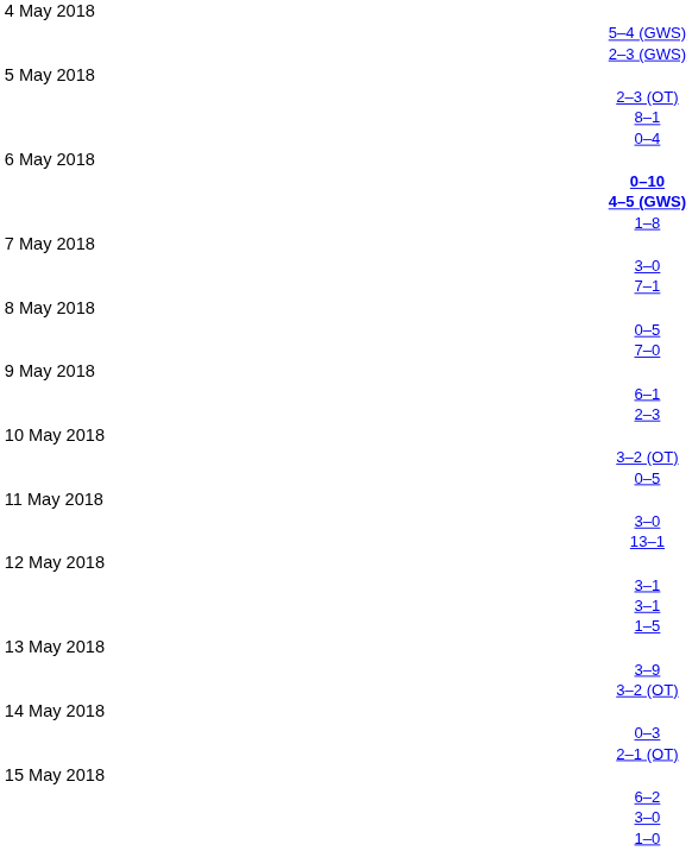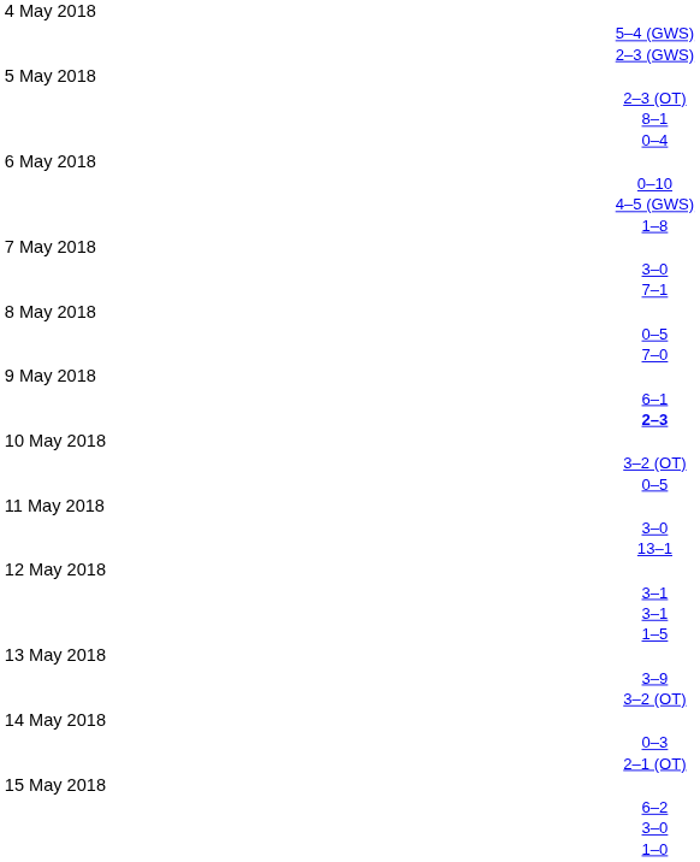 <table style="width:100%;" cellspacing="1">
 <tr>
 <th width=25%></th>
 <th width=2%></th>
 <th width=6%></th>
 <th width=2%></th>
 <th width=25%></th>
 </tr>
 <tr>
 <td>4 May 2018</td>
 </tr>
 <tr style=font-size:90%>
 <td align=right></td>
 <td></td>
 <td align=center><a href='#'>5–4 (GWS)</a></td>
 <td></td>
 <td></td>
 <td></td>
 </tr>
 <tr style=font-size:90%>
 <td align=right></td>
 <td></td>
 <td align=center><a href='#'>2–3 (GWS)</a></td>
 <td></td>
 <td></td>
 <td></td>
 </tr>
 <tr>
 <td>5 May 2018</td>
 </tr>
 <tr style=font-size:90%>
 <td align=right></td>
 <td></td>
 <td align=center><a href='#'>2–3 (OT)</a></td>
 <td></td>
 <td></td>
 <td></td>
 </tr>
 <tr style=font-size:90%>
 <td align=right></td>
 <td></td>
 <td align=center><a href='#'>8–1</a></td>
 <td></td>
 <td></td>
 <td></td>
 </tr>
 <tr style=font-size:90%>
 <td align=right></td>
 <td></td>
 <td align=center><a href='#'>0–4</a></td>
 <td></td>
 <td></td>
 <td></td>
 </tr>
 <tr>
 <td>6 May 2018</td>
 </tr>
 <tr style=font-size:90%>
 <td align=right></td>
 <td></td>
-<td align=center><strong><a href='#'>0–10</a></strong></td>
+<td align=center><a href='#'>0–10</a></td>
 <td></td>
 <td></td>
 <td></td>
 </tr>
 <tr style=font-size:90%>
 <td align=right></td>
 <td></td>
-<td align=center><strong><a href='#'>4–5 (GWS)</a></strong></td>
+<td align=center><a href='#'>4–5 (GWS)</a></td>
 <td></td>
 <td></td>
 <td></td>
 </tr>
 <tr style=font-size:90%>
 <td align=right></td>
 <td></td>
 <td align=center><a href='#'>1–8</a></td>
 <td></td>
 <td></td>
 <td></td>
 </tr>
 <tr>
 <td>7 May 2018</td>
 </tr>
 <tr style=font-size:90%>
 <td align=right></td>
 <td></td>
 <td align=center><a href='#'>3–0</a></td>
 <td></td>
 <td></td>
 <td></td>
 </tr>
 <tr style=font-size:90%>
 <td align=right></td>
 <td></td>
 <td align=center><a href='#'>7–1</a></td>
 <td></td>
 <td></td>
 <td></td>
 </tr>
 <tr>
 <td>8 May 2018</td>
 </tr>
 <tr style=font-size:90%>
 <td align=right></td>
 <td></td>
 <td align=center><a href='#'>0–5</a></td>
 <td></td>
 <td></td>
 <td></td>
 </tr>
 <tr style=font-size:90%>
 <td align=right></td>
 <td></td>
 <td align=center><a href='#'>7–0</a></td>
 <td></td>
 <td></td>
 <td></td>
 </tr>
 <tr>
 <td>9 May 2018</td>
 </tr>
 <tr style=font-size:90%>
 <td align=right></td>
 <td></td>
 <td align=center><a href='#'>6–1</a></td>
 <td></td>
 <td></td>
 <td></td>
 </tr>
 <tr style=font-size:90%>
 <td align=right></td>
 <td></td>
-<td align=center><a href='#'>2–3</a></td>
+<td align=center><strong><a href='#'>2–3</a></strong></td>
 <td></td>
 <td></td>
 <td></td>
 </tr>
 <tr>
 <td>10 May 2018</td>
 </tr>
 <tr style=font-size:90%>
 <td align=right></td>
 <td></td>
 <td align=center><a href='#'>3–2 (OT)</a></td>
 <td></td>
 <td></td>
 <td></td>
 </tr>
 <tr style=font-size:90%>
 <td align=right></td>
 <td></td>
 <td align=center><a href='#'>0–5</a></td>
 <td></td>
 <td></td>
 <td></td>
 </tr>
 <tr>
 <td>11 May 2018</td>
 </tr>
 <tr style=font-size:90%>
 <td align=right></td>
 <td></td>
 <td align=center><a href='#'>3–0</a></td>
 <td></td>
 <td></td>
 <td></td>
 </tr>
 <tr style=font-size:90%>
 <td align=right></td>
 <td></td>
 <td align=center><a href='#'>13–1</a></td>
 <td></td>
 <td></td>
 <td></td>
 </tr>
 <tr>
 <td>12 May 2018</td>
 </tr>
 <tr style=font-size:90%>
 <td align=right></td>
 <td></td>
 <td align=center><a href='#'>3–1</a></td>
 <td></td>
 <td></td>
 <td></td>
 </tr>
 <tr style=font-size:90%>
 <td align=right></td>
 <td></td>
 <td align=center><a href='#'>3–1</a></td>
 <td></td>
 <td></td>
 <td></td>
 </tr>
 <tr style=font-size:90%>
 <td align=right></td>
 <td></td>
 <td align=center><a href='#'>1–5</a></td>
 <td></td>
 <td></td>
 <td></td>
 </tr>
 <tr>
 <td>13 May 2018</td>
 </tr>
 <tr style=font-size:90%>
 <td align=right></td>
 <td></td>
 <td align=center><a href='#'>3–9</a></td>
 <td></td>
 <td></td>
 <td></td>
 </tr>
 <tr style=font-size:90%>
 <td align=right></td>
 <td></td>
 <td align=center><a href='#'>3–2 (OT)</a></td>
 <td></td>
 <td></td>
 <td></td>
 </tr>
 <tr>
 <td>14 May 2018</td>
 </tr>
 <tr style=font-size:90%>
 <td align=right></td>
 <td></td>
 <td align=center><a href='#'>0–3</a></td>
 <td></td>
 <td></td>
 <td></td>
 </tr>
 <tr style=font-size:90%>
 <td align=right></td>
 <td></td>
 <td align=center><a href='#'>2–1 (OT)</a></td>
 <td></td>
 <td></td>
 <td></td>
 </tr>
 <tr>
 <td>15 May 2018</td>
 </tr>
 <tr style=font-size:90%>
 <td align=right></td>
 <td></td>
 <td align=center><a href='#'>6–2</a></td>
 <td></td>
 <td></td>
 <td></td>
 </tr>
 <tr style=font-size:90%>
 <td align=right></td>
 <td></td>
 <td align=center><a href='#'>3–0</a></td>
 <td></td>
 <td></td>
 <td></td>
 </tr>
 <tr style=font-size:90%>
 <td align=right></td>
 <td></td>
 <td align=center><a href='#'>1–0</a></td>
 <td></td>
 <td></td>
 <td></td>
 </tr>
 </table>
